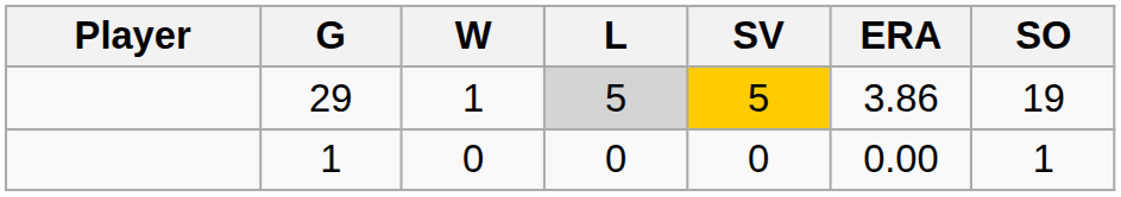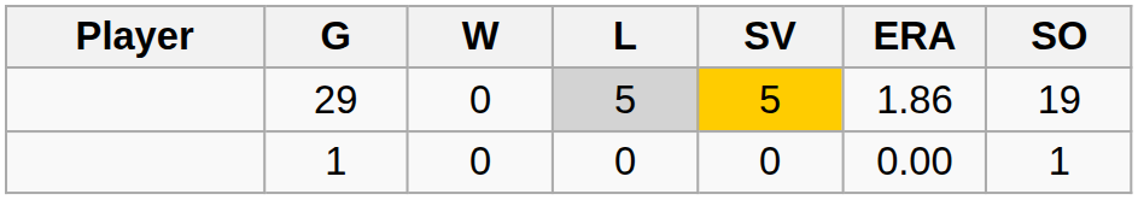 <table class="wikitable sortable">
 <tr>
 <th bgcolor="#DDDDFF" width="16%">Player</th>
 <th bgcolor="#DDDDFF" width="9%">G</th>
 <th bgcolor="#DDDDFF" width="9%">W</th>
 <th bgcolor="#DDDDFF" width="9%">L</th>
 <th bgcolor="#DDDDFF" width="9%">SV</th>
 <th bgcolor="#DDDDFF" width="9%">ERA</th>
 <th bgcolor="#DDDDFF" width="9%">SO</th>
 </tr>
 <tr align="center">
 <td></td>
 <td>29</td>
-<td>1</td>
+<td>0</td>
 <td style="background: lightgrey;">5</td>
 <td style="background:#fc0;">5</td>
-<td>3.86</td>
+<td>1.86</td>
 <td>19</td>
 </tr>
 <tr align="center">
 <td></td>
 <td>1</td>
 <td>0</td>
 <td>0</td>
 <td>0</td>
 <td>0.00</td>
 <td>1</td>
 </tr>
 </table>
